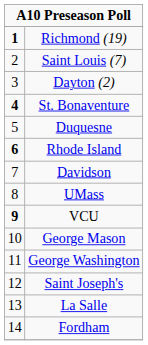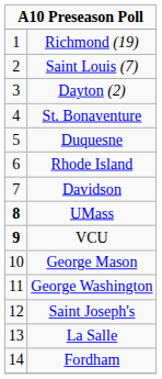 <table class="wikitable" style="display: inline-table;">
 <tr>
 <td align="center" Colspan="3"><strong>A10 Preseason Poll</strong></td>
 </tr>
 <tr align="center">
 </tr>
 <tr align="center">
-<td><strong>1</strong></td>
+<td>1</td>
 <td><a href='#'>Richmond</a> <em>(19)</em></td>
 </tr>
 <tr align="center">
 <td>2</td>
 <td><a href='#'>Saint Louis</a> <em>(7)</em></td>
 </tr>
 <tr align="center">
 <td>3</td>
 <td><a href='#'>Dayton</a> <em>(2)</em></td>
 </tr>
 <tr align="center">
-<td><strong>4</strong></td>
+<td>4</td>
 <td><a href='#'>St. Bonaventure</a></td>
 </tr>
 <tr align="center">
 <td>5</td>
 <td><a href='#'>Duquesne</a></td>
 </tr>
 <tr align="center">
-<td><strong>6</strong></td>
+<td>6</td>
 <td><a href='#'>Rhode Island</a></td>
 </tr>
 <tr align="center">
 <td>7</td>
 <td><a href='#'>Davidson</a></td>
 </tr>
 <tr align="center">
-<td>8</td>
+<td><strong>8</strong></td>
 <td><a href='#'>UMass</a></td>
 </tr>
 <tr align="center">
 <td><strong>9</strong></td>
 <td>VCU</td>
 </tr>
 <tr align="center">
 <td>10</td>
 <td><a href='#'>George Mason</a></td>
 </tr>
 <tr align="center">
 <td>11</td>
 <td><a href='#'>George Washington</a></td>
 </tr>
 <tr align="center">
 <td>12</td>
 <td><a href='#'>Saint Joseph's</a></td>
 </tr>
 <tr align="center">
 <td>13</td>
 <td><a href='#'>La Salle</a></td>
 </tr>
 <tr align="center">
 <td>14</td>
 <td><a href='#'>Fordham</a></td>
 </tr>
 <tr>
 </tr>
 </table>
